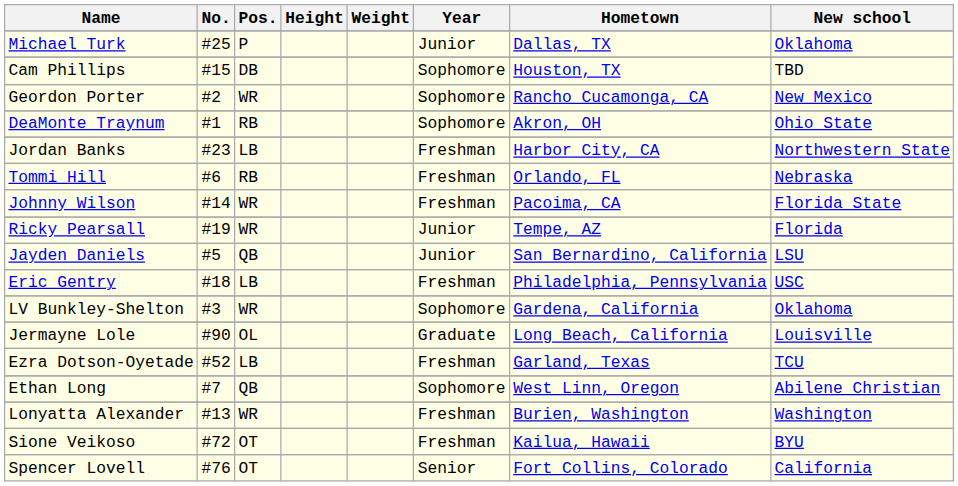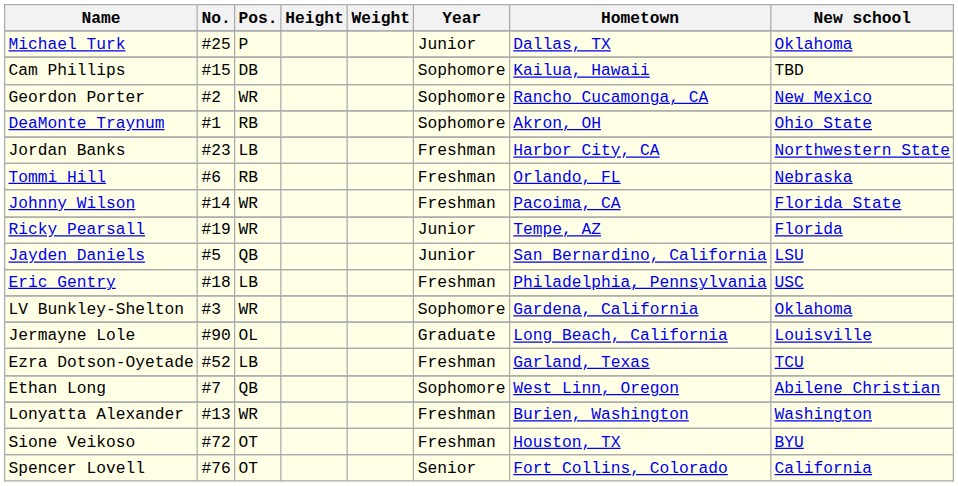 <table class="wikitable sortable">
 <tr>
 <th>Name</th>
 <th>No.</th>
 <th>Pos.</th>
 <th>Height</th>
 <th>Weight</th>
 <th>Year</th>
 <th>Hometown</th>
 <th class="unsortable">New school</th>
 </tr>
 <tr>
 </tr>
 <tr style="background:#FFFFE6;">
 <td><a href='#'>Michael Turk</a></td>
 <td>#25</td>
 <td>P</td>
 <td></td>
 <td></td>
 <td>Junior</td>
 <td><a href='#'>Dallas, TX</a></td>
 <td><a href='#'>Oklahoma</a></td>
 </tr>
 <tr>
 </tr>
 <tr style="background:#FFFFE6;">
 <td>Cam Phillips</td>
 <td>#15</td>
 <td>DB</td>
 <td></td>
 <td></td>
 <td> Sophomore</td>
-<td><a href='#'>Houston, TX</a></td>
+<td><a href='#'>Kailua, Hawaii</a></td>
 <td>TBD</td>
 </tr>
 <tr>
 </tr>
 <tr style="background:#FFFFE6;">
 <td>Geordon Porter</td>
 <td>#2</td>
 <td>WR</td>
 <td></td>
 <td></td>
 <td>Sophomore</td>
 <td><a href='#'>Rancho Cucamonga, CA</a></td>
 <td><a href='#'>New Mexico</a></td>
 </tr>
 <tr>
 </tr>
 <tr style="background:#FFFFE6;">
 <td><a href='#'>DeaMonte Traynum</a></td>
 <td>#1</td>
 <td>RB</td>
 <td></td>
 <td></td>
 <td>Sophomore</td>
 <td><a href='#'>Akron, OH</a></td>
 <td><a href='#'>Ohio State</a></td>
 </tr>
 <tr>
 </tr>
 <tr style="background:#FFFFE6;">
 <td>Jordan Banks</td>
 <td>#23</td>
 <td>LB</td>
 <td></td>
 <td></td>
 <td> Freshman</td>
 <td><a href='#'>Harbor City, CA</a></td>
 <td><a href='#'>Northwestern State</a></td>
 </tr>
 <tr>
 </tr>
 <tr style="background:#FFFFE6;">
 <td><a href='#'>Tommi Hill</a></td>
 <td>#6</td>
 <td>RB</td>
 <td></td>
 <td></td>
 <td>Freshman</td>
 <td><a href='#'>Orlando, FL</a></td>
 <td><a href='#'>Nebraska</a></td>
 </tr>
 <tr>
 </tr>
 <tr style="background:#FFFFE6;">
 <td><a href='#'>Johnny Wilson</a></td>
 <td>#14</td>
 <td>WR</td>
 <td></td>
 <td></td>
 <td> Freshman</td>
 <td><a href='#'>Pacoima, CA</a></td>
 <td><a href='#'>Florida State</a></td>
 </tr>
 <tr>
 </tr>
 <tr style="background:#FFFFE6;">
 <td><a href='#'>Ricky Pearsall</a></td>
 <td>#19</td>
 <td>WR</td>
 <td></td>
 <td></td>
 <td>Junior</td>
 <td><a href='#'>Tempe, AZ</a></td>
 <td><a href='#'>Florida</a></td>
 </tr>
 <tr>
 </tr>
 <tr style="background:#FFFFE6;">
 <td><a href='#'>Jayden Daniels</a></td>
 <td>#5</td>
 <td>QB</td>
 <td></td>
 <td></td>
 <td>Junior</td>
 <td><a href='#'>San Bernardino, California</a></td>
 <td><a href='#'>LSU</a></td>
 </tr>
 <tr>
 </tr>
 <tr style="background:#FFFFE6;">
 <td><a href='#'>Eric Gentry</a></td>
 <td>#18</td>
 <td>LB</td>
 <td></td>
 <td></td>
 <td>Freshman</td>
 <td><a href='#'>Philadelphia, Pennsylvania</a></td>
 <td><a href='#'>USC</a></td>
 </tr>
 <tr>
 </tr>
 <tr style="background:#FFFFE6;">
 <td>LV Bunkley-Shelton</td>
 <td>#3</td>
 <td>WR</td>
 <td></td>
 <td></td>
 <td>Sophomore</td>
 <td><a href='#'>Gardena, California</a></td>
 <td><a href='#'>Oklahoma</a></td>
 </tr>
 <tr>
 </tr>
 <tr style="background:#FFFFE6;">
 <td>Jermayne Lole</td>
 <td>#90</td>
 <td>OL</td>
 <td></td>
 <td></td>
 <td>Graduate</td>
 <td><a href='#'>Long Beach, California</a></td>
 <td><a href='#'>Louisville</a></td>
 </tr>
 <tr>
 </tr>
 <tr style="background:#FFFFE6;">
 <td>Ezra Dotson-Oyetade</td>
 <td>#52</td>
 <td>LB</td>
 <td></td>
 <td></td>
 <td>Freshman</td>
 <td><a href='#'>Garland, Texas</a></td>
 <td><a href='#'>TCU</a></td>
 </tr>
 <tr>
 </tr>
 <tr style="background:#FFFFE6;">
 <td>Ethan Long</td>
 <td>#7</td>
 <td>QB</td>
 <td></td>
 <td></td>
 <td>Sophomore</td>
 <td><a href='#'>West Linn, Oregon</a></td>
 <td><a href='#'>Abilene Christian</a></td>
 </tr>
 <tr>
 </tr>
 <tr style="background:#FFFFE6;">
 <td>Lonyatta Alexander</td>
 <td>#13</td>
 <td>WR</td>
 <td></td>
 <td></td>
 <td>Freshman</td>
 <td><a href='#'>Burien, Washington</a></td>
 <td><a href='#'>Washington</a></td>
 </tr>
 <tr>
 </tr>
 <tr style="background:#FFFFE6;">
 <td>Sione Veikoso</td>
 <td>#72</td>
 <td>OT</td>
 <td></td>
 <td></td>
 <td>Freshman</td>
-<td><a href='#'>Kailua, Hawaii</a></td>
+<td><a href='#'>Houston, TX</a></td>
 <td><a href='#'>BYU</a></td>
 </tr>
 <tr>
 </tr>
 <tr style="background:#FFFFE6;">
 <td>Spencer Lovell</td>
 <td>#76</td>
 <td>OT</td>
 <td></td>
 <td></td>
 <td>Senior</td>
 <td><a href='#'>Fort Collins, Colorado</a></td>
 <td><a href='#'>California</a></td>
 </tr>
 </table>
